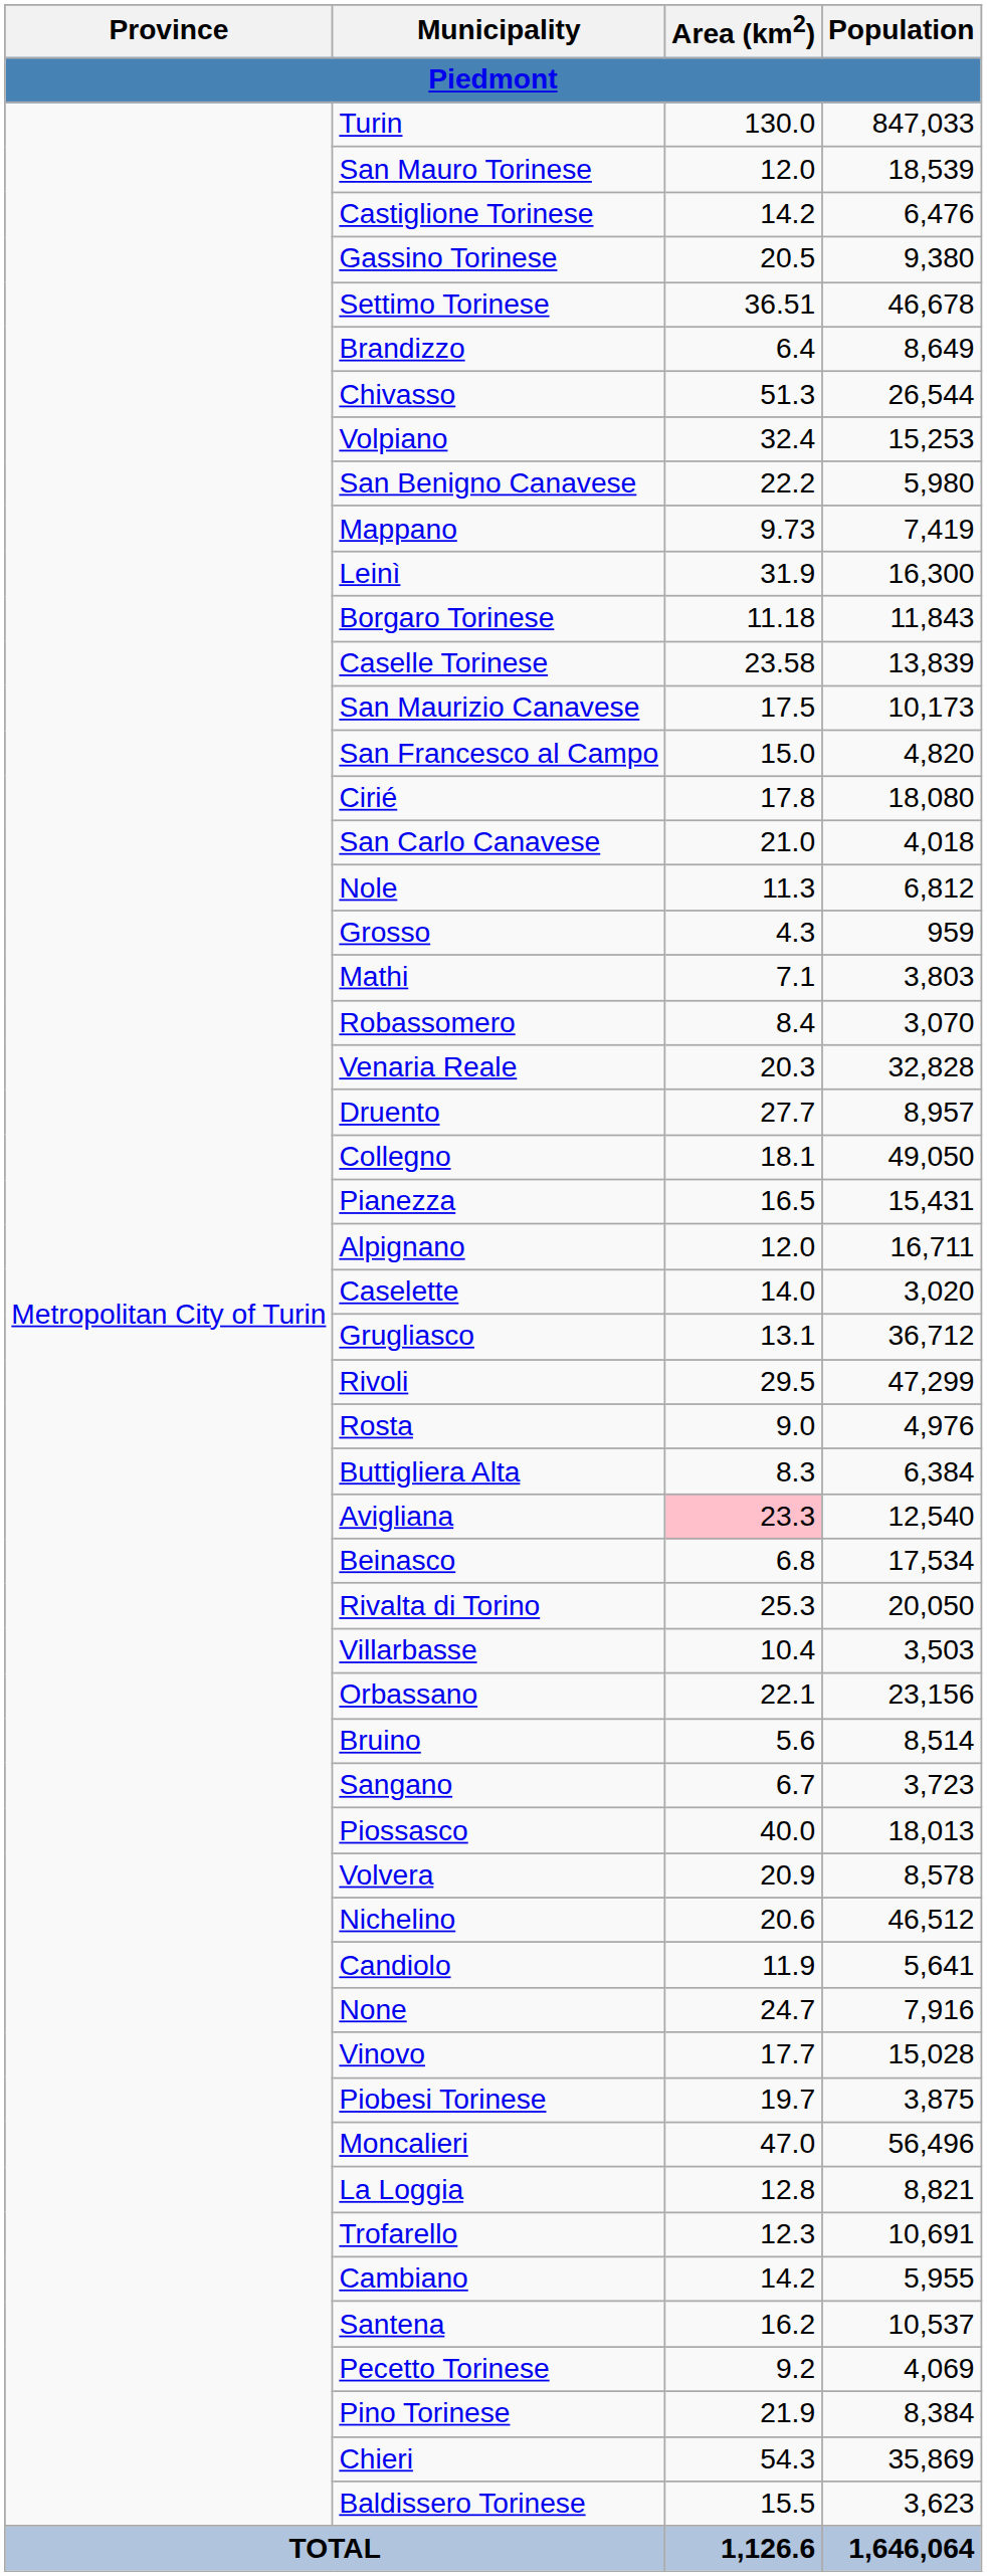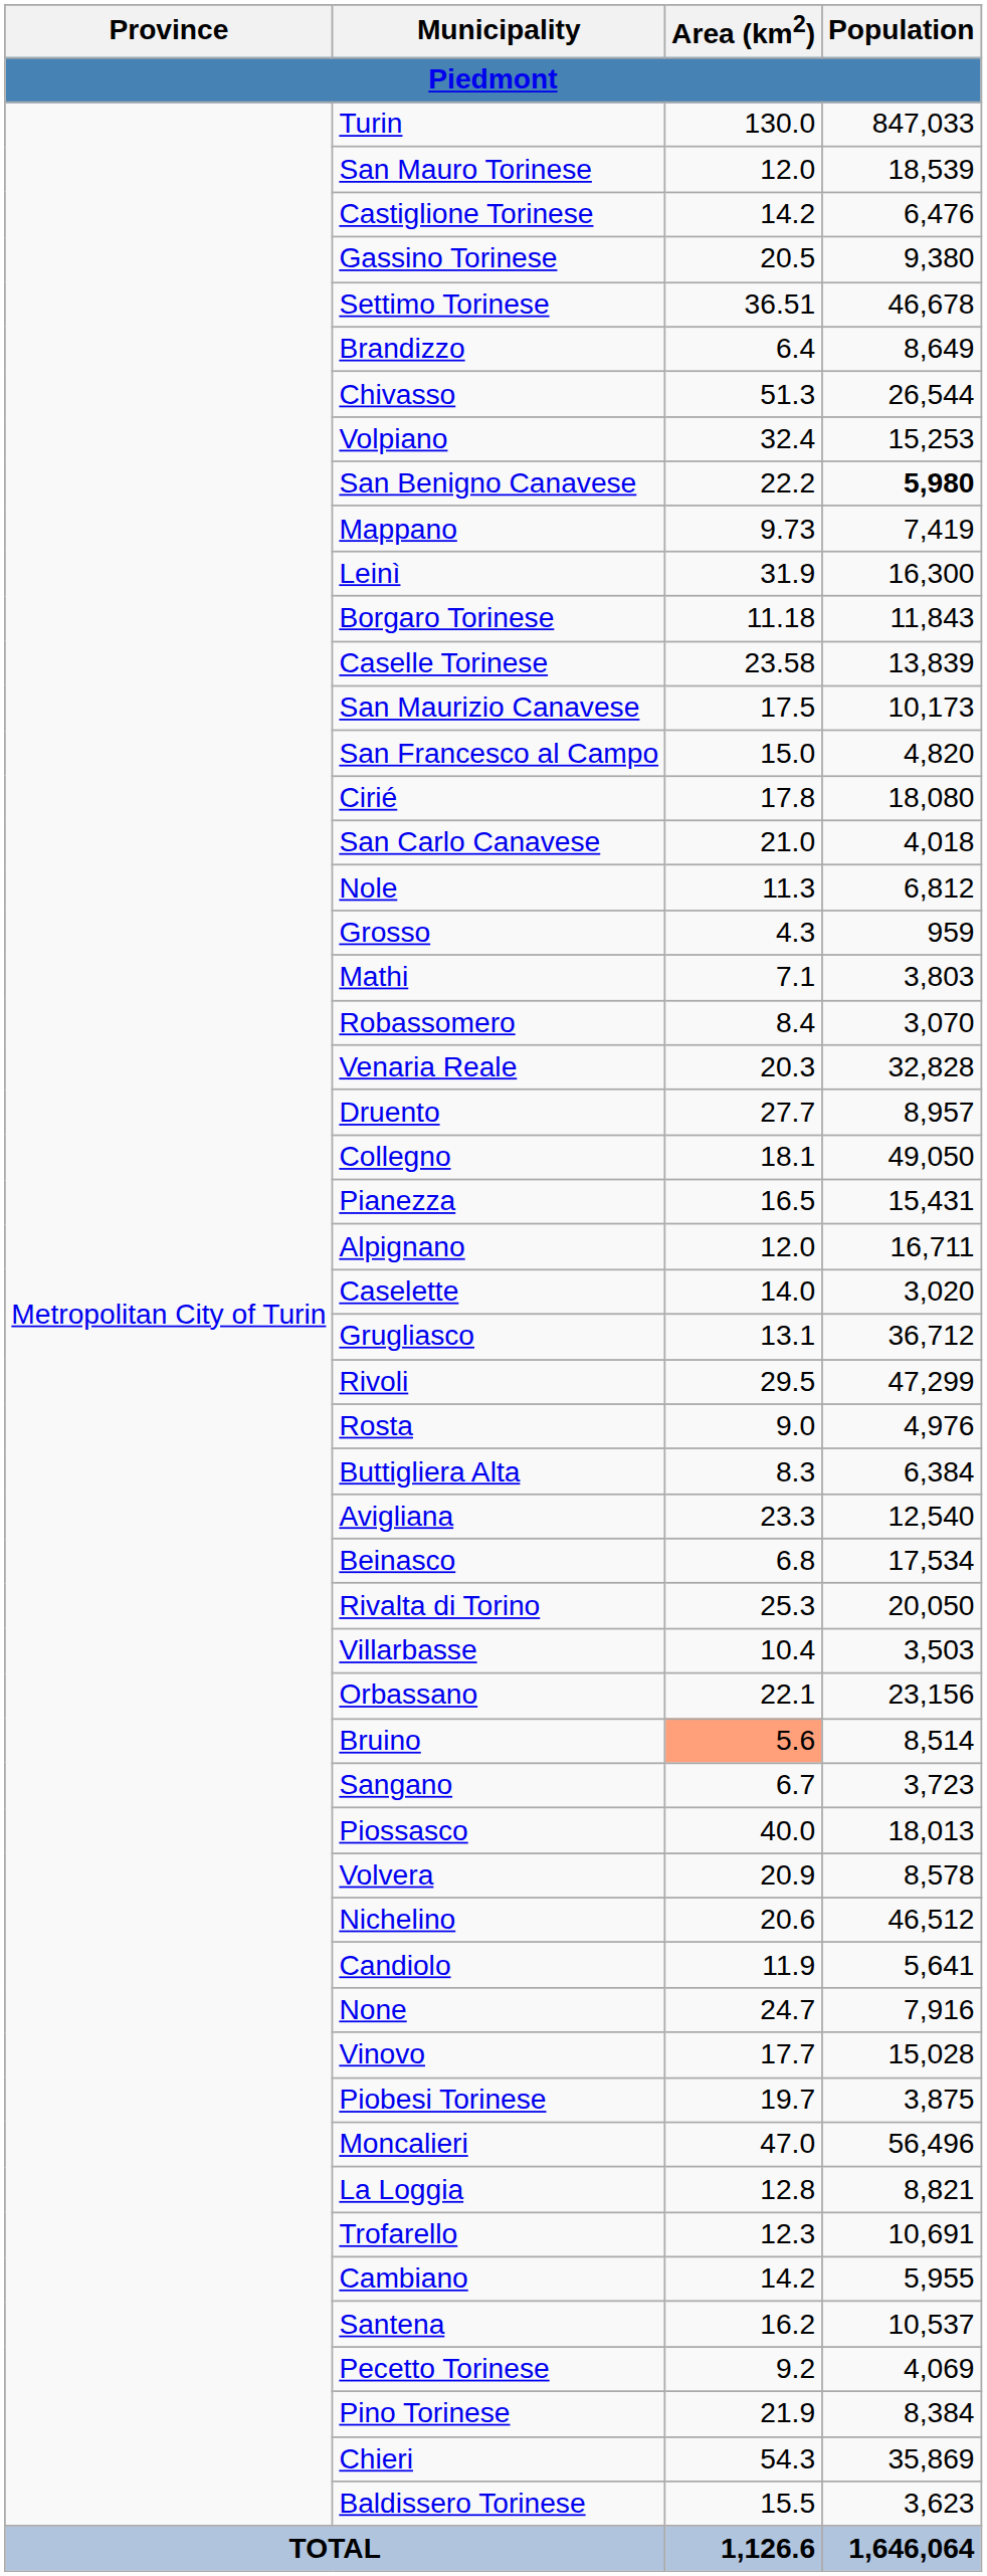 <table class="wikitable">
 <tr bgcolor="lightsteelblue">
 <th align=center>Province</th>
 <th align=center>Municipality</th>
 <th align=center>Area (km<sup>2</sup>)</th>
 <th align=center>Population</th>
 </tr>
 <tr bgcolor="steelblue">
 <td colspan=4 align=center><strong><a href='#'>Piedmont</a></strong></td>
 </tr>
 <tr>
 <td rowspan=54 align=center><a href='#'>Metropolitan City of Turin</a></td>
 <td><a href='#'>Turin</a></td>
 <td align=right>130.0</td>
 <td align=right>847,033</td>
 </tr>
 <tr>
 <td><a href='#'>San Mauro Torinese</a></td>
 <td align=right>12.0</td>
 <td align=right>18,539</td>
 </tr>
 <tr>
 <td><a href='#'>Castiglione Torinese</a></td>
 <td align=right>14.2</td>
 <td align=right>6,476</td>
 </tr>
 <tr>
 <td><a href='#'>Gassino Torinese</a></td>
 <td align=right>20.5</td>
 <td align=right>9,380</td>
 </tr>
 <tr>
 <td><a href='#'>Settimo Torinese</a></td>
 <td align=right>36.51</td>
 <td align=right>46,678</td>
 </tr>
 <tr>
 <td><a href='#'>Brandizzo</a></td>
 <td align=right>6.4</td>
 <td align=right>8,649</td>
 </tr>
 <tr>
 <td><a href='#'>Chivasso</a></td>
 <td align=right>51.3</td>
 <td align=right>26,544</td>
 </tr>
 <tr>
 <td><a href='#'>Volpiano</a></td>
 <td align=right>32.4</td>
 <td align=right>15,253</td>
 </tr>
 <tr>
 <td><a href='#'>San Benigno Canavese</a></td>
 <td align=right>22.2</td>
-<td align=right>5,980</td>
+<td align=right><strong>5,980</strong></td>
 </tr>
 <tr>
 <td><a href='#'>Mappano</a></td>
 <td align=right>9.73</td>
 <td align=right>7,419</td>
 </tr>
 <tr>
 <td><a href='#'>Leinì</a></td>
 <td align=right>31.9</td>
 <td align=right>16,300</td>
 </tr>
 <tr>
 <td><a href='#'>Borgaro Torinese</a></td>
 <td align=right>11.18</td>
 <td align=right>11,843</td>
 </tr>
 <tr>
 <td><a href='#'>Caselle Torinese</a></td>
 <td align=right>23.58</td>
 <td align=right>13,839</td>
 </tr>
 <tr>
 <td><a href='#'>San Maurizio Canavese</a></td>
 <td align=right>17.5</td>
 <td align=right>10,173</td>
 </tr>
 <tr>
 <td><a href='#'>San Francesco al Campo</a></td>
 <td align=right>15.0</td>
 <td align=right>4,820</td>
 </tr>
 <tr>
 <td><a href='#'>Cirié</a></td>
 <td align=right>17.8</td>
 <td align=right>18,080</td>
 </tr>
 <tr>
 <td><a href='#'>San Carlo Canavese</a></td>
 <td align=right>21.0</td>
 <td align=right>4,018</td>
 </tr>
 <tr>
 <td><a href='#'>Nole</a></td>
 <td align=right>11.3</td>
 <td align=right>6,812</td>
 </tr>
 <tr>
 <td><a href='#'>Grosso</a></td>
 <td align=right>4.3</td>
 <td align=right>959</td>
 </tr>
 <tr>
 <td><a href='#'>Mathi</a></td>
 <td align=right>7.1</td>
 <td align=right>3,803</td>
 </tr>
 <tr>
 <td><a href='#'>Robassomero</a></td>
 <td align=right>8.4</td>
 <td align=right>3,070</td>
 </tr>
 <tr>
 <td><a href='#'>Venaria Reale</a></td>
 <td align=right>20.3</td>
 <td align=right>32,828</td>
 </tr>
 <tr>
 <td><a href='#'>Druento</a></td>
 <td align=right>27.7</td>
 <td align=right>8,957</td>
 </tr>
 <tr>
 <td><a href='#'>Collegno</a></td>
 <td align=right>18.1</td>
 <td align=right>49,050</td>
 </tr>
 <tr>
 <td><a href='#'>Pianezza</a></td>
 <td align=right>16.5</td>
 <td align=right>15,431</td>
 </tr>
 <tr>
 <td><a href='#'>Alpignano</a></td>
 <td align=right>12.0</td>
 <td align=right>16,711</td>
 </tr>
 <tr>
 <td><a href='#'>Caselette</a></td>
 <td align=right>14.0</td>
 <td align=right>3,020</td>
 </tr>
 <tr>
 <td><a href='#'>Grugliasco</a></td>
 <td align=right>13.1</td>
 <td align=right>36,712</td>
 </tr>
 <tr>
 <td><a href='#'>Rivoli</a></td>
 <td align=right>29.5</td>
 <td align=right>47,299</td>
 </tr>
 <tr>
 <td><a href='#'>Rosta</a></td>
 <td align=right>9.0</td>
 <td align=right>4,976</td>
 </tr>
 <tr>
 <td><a href='#'>Buttigliera Alta</a></td>
 <td align=right>8.3</td>
 <td align=right>6,384</td>
 </tr>
 <tr>
 <td><a href='#'>Avigliana</a></td>
-<td align=right style="background: pink;">23.3</td>
+<td align=right>23.3</td>
 <td align=right>12,540</td>
 </tr>
 <tr>
 <td><a href='#'>Beinasco</a></td>
 <td align=right>6.8</td>
 <td align=right>17,534</td>
 </tr>
 <tr>
 <td><a href='#'>Rivalta di Torino</a></td>
 <td align=right>25.3</td>
 <td align=right>20,050</td>
 </tr>
 <tr>
 <td><a href='#'>Villarbasse</a></td>
 <td align=right>10.4</td>
 <td align=right>3,503</td>
 </tr>
 <tr>
 <td><a href='#'>Orbassano</a></td>
 <td align=right>22.1</td>
 <td align=right>23,156</td>
 </tr>
 <tr>
 <td><a href='#'>Bruino</a></td>
-<td align=right>5.6</td>
+<td align=right style="background: lightsalmon;">5.6</td>
 <td align=right>8,514</td>
 </tr>
 <tr>
 <td><a href='#'>Sangano</a></td>
 <td align=right>6.7</td>
 <td align=right>3,723</td>
 </tr>
 <tr>
 <td><a href='#'>Piossasco</a></td>
 <td align=right>40.0</td>
 <td align=right>18,013</td>
 </tr>
 <tr>
 <td><a href='#'>Volvera</a></td>
 <td align=right>20.9</td>
 <td align=right>8,578</td>
 </tr>
 <tr>
 <td><a href='#'>Nichelino</a></td>
 <td align=right>20.6</td>
 <td align=right>46,512</td>
 </tr>
 <tr>
 <td><a href='#'>Candiolo</a></td>
 <td align=right>11.9</td>
 <td align=right>5,641</td>
 </tr>
 <tr>
 <td><a href='#'>None</a></td>
 <td align=right>24.7</td>
 <td align=right>7,916</td>
 </tr>
 <tr>
 <td><a href='#'>Vinovo</a></td>
 <td align=right>17.7</td>
 <td align=right>15,028</td>
 </tr>
 <tr>
 <td><a href='#'>Piobesi Torinese</a></td>
 <td align=right>19.7</td>
 <td align=right>3,875</td>
 </tr>
 <tr>
 <td><a href='#'>Moncalieri</a></td>
 <td align=right>47.0</td>
 <td align=right>56,496</td>
 </tr>
 <tr>
 <td><a href='#'>La Loggia</a></td>
 <td align=right>12.8</td>
 <td align=right>8,821</td>
 </tr>
 <tr>
 <td><a href='#'>Trofarello</a></td>
 <td align=right>12.3</td>
 <td align=right>10,691</td>
 </tr>
 <tr>
 <td><a href='#'>Cambiano</a></td>
 <td align=right>14.2</td>
 <td align=right>5,955</td>
 </tr>
 <tr>
 <td><a href='#'>Santena</a></td>
 <td align=right>16.2</td>
 <td align=right>10,537</td>
 </tr>
 <tr>
 <td><a href='#'>Pecetto Torinese</a></td>
 <td align=right>9.2</td>
 <td align=right>4,069</td>
 </tr>
 <tr>
 <td><a href='#'>Pino Torinese</a></td>
 <td align=right>21.9</td>
 <td align=right>8,384</td>
 </tr>
 <tr>
 <td><a href='#'>Chieri</a></td>
 <td align=right>54.3</td>
 <td align=right>35,869</td>
 </tr>
 <tr>
 <td><a href='#'>Baldissero Torinese</a></td>
 <td align=right>15.5</td>
 <td align=right>3,623</td>
 </tr>
 <tr bgcolor="lightsteelblue">
 <td colspan=2 align=center><strong>TOTAL</strong></td>
 <td align=right><strong>1,126.6</strong></td>
 <td align=right><strong>1,646,064</strong></td>
 </tr>
 </table>
